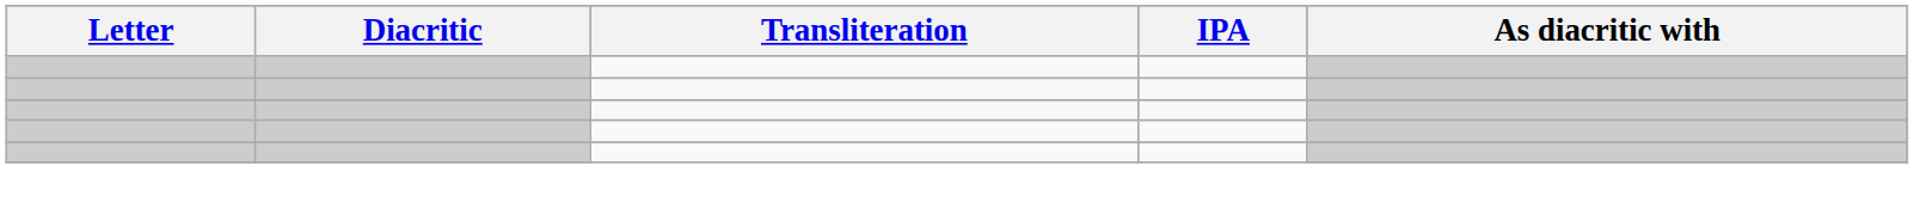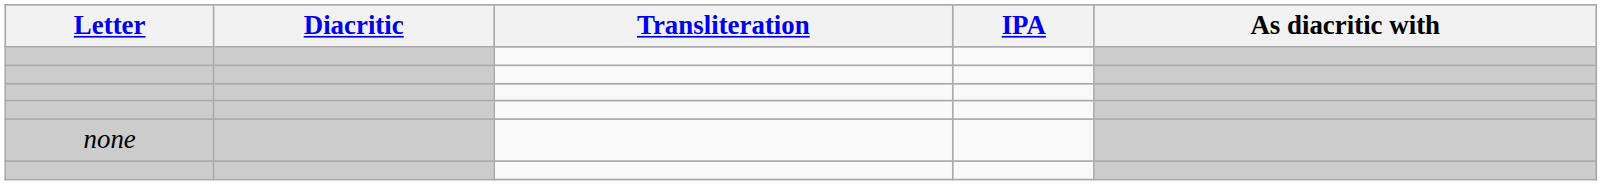 <table class="wikitable" style="margin: auto; border: none; text-align:center; width:75%" rowspan="5" |>
 <tr>
 <th><a href='#'>Letter</a></th>
 <th><a href='#'>Diacritic</a></th>
 <th><a href='#'>Transliteration</a></th>
 <th><a href='#'>IPA</a></th>
 <th>As diacritic with </th>
 </tr>
 <tr>
 <td style="background:#ccc; font-size:24px;"></td>
 <td style="background:#ccc; font-size:24px;"></td>
 <td></td>
 <td></td>
 <td style="background:#ccc; font-size:24px;"></td>
 </tr>
 <tr>
 <td style="background:#ccc; font-size:24px;"></td>
 <td style="background:#ccc; font-size:24px;"></td>
 <td></td>
 <td></td>
 <td style="background:#ccc; font-size:24px;"></td>
 </tr>
 <tr>
 <td style="background:#ccc; font-size:24px;"></td>
 <td style="background:#ccc; font-size:24px;"></td>
 <td></td>
 <td></td>
 <td style="background:#ccc; font-size:24px;"></td>
 </tr>
 <tr>
 <td style="background:#ccc; font-size:24px;"></td>
 <td style="background:#ccc; font-size:24px;"></td>
 <td></td>
 <td></td>
 <td style="background:#ccc; font-size:24px;"></td>
 </tr>
 <tr>
+<td style="background:#ccc;"><em>none</em></td>
+<td style="background:#ccc; font-size:24px;"></td>
+<td></td>
+<td></td>
+<td style="background:#ccc; font-size:24px;"></td>
+</tr>
+<tr>
 <td style="background:#ccc; font-size:24px;"></td>
 <td style="background:#ccc; font-size:24px;"></td>
 <td></td>
 <td></td>
 <td style="background:#ccc; font-size:24px;"></td>
 </tr>
 </table>
